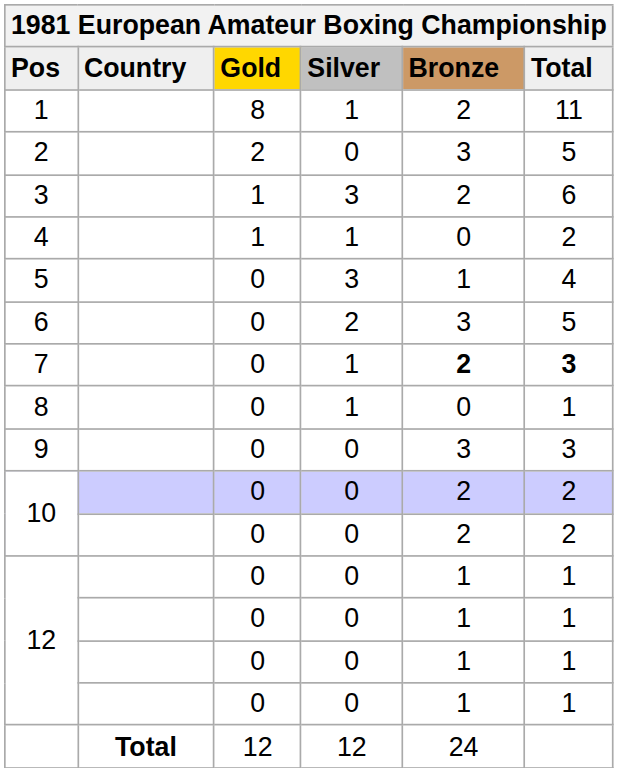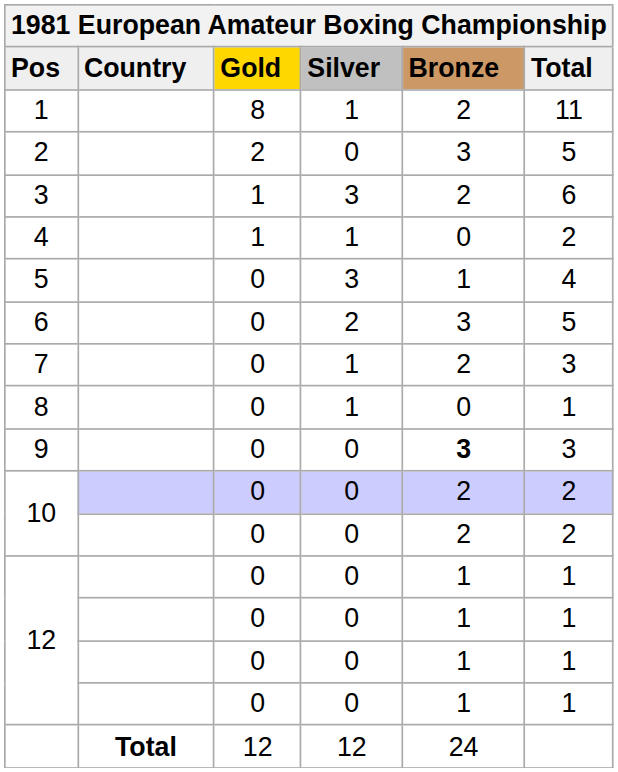 <table class="wikitable">
 <tr>
 <th colspan=7 style="border-right:0px;";>1981 European Amateur Boxing Championship</th>
 </tr>
 <tr bgcolor="#efefef">
 <td><strong>Pos</strong></td>
 <td><strong>Country</strong></td>
 <td bgcolor="gold"><strong>Gold</strong></td>
 <td bgcolor="silver"><strong>Silver</strong></td>
 <td bgcolor="CC9966"><strong>Bronze</strong></td>
 <td><strong>Total</strong></td>
 </tr>
 <tr bgcolor="#FFFFFF" align="center">
 <td>1</td>
 <td align="left"></td>
 <td>8</td>
 <td>1</td>
 <td>2</td>
 <td>11</td>
 </tr>
 <tr bgcolor="#FFFFFF" align="center">
 <td>2</td>
 <td align="left"></td>
 <td>2</td>
 <td>0</td>
 <td>3</td>
 <td>5</td>
 </tr>
 <tr bgcolor="#FFFFFF" align="center">
 <td>3</td>
 <td align="left"></td>
 <td>1</td>
 <td>3</td>
 <td>2</td>
 <td>6</td>
 </tr>
 <tr bgcolor="#FFFFFF" align="center">
 <td>4</td>
 <td align="left"></td>
 <td>1</td>
 <td>1</td>
 <td>0</td>
 <td>2</td>
 </tr>
 <tr bgcolor="#FFFFFF" align="center">
 <td>5</td>
 <td align="left"></td>
 <td>0</td>
 <td>3</td>
 <td>1</td>
 <td>4</td>
 </tr>
 <tr bgcolor="#FFFFFF" align="center">
 <td>6</td>
 <td align="left"></td>
 <td>0</td>
 <td>2</td>
 <td>3</td>
 <td>5</td>
 </tr>
 <tr bgcolor="#FFFFFF" align="center">
 <td>7</td>
 <td align="left"></td>
 <td>0</td>
 <td>1</td>
-<td><strong>2</strong></td>
-<td><strong>3</strong></td>
+<td>2</td>
+<td>3</td>
 </tr>
 <tr bgcolor="#FFFFFF" align="center">
 <td>8</td>
 <td align="left"></td>
 <td>0</td>
 <td>1</td>
 <td>0</td>
 <td>1</td>
 </tr>
 <tr bgcolor="#FFFFFF" align="center">
 <td>9</td>
 <td align="left"></td>
 <td>0</td>
 <td>0</td>
-<td>3</td>
+<td><strong>3</strong></td>
 <td>3</td>
 </tr>
 <tr bgcolor="#CCCCFF" align="center">
 <td bgcolor="#FFFFFF" rowspan=2>10</td>
 <td align="left"></td>
 <td>0</td>
 <td>0</td>
 <td>2</td>
 <td>2</td>
 </tr>
 <tr bgcolor="#FFFFFF" align="center">
 <td align="left"></td>
 <td>0</td>
 <td>0</td>
 <td>2</td>
 <td>2</td>
 </tr>
 <tr bgcolor="#FFFFFF" align="center">
 <td rowspan=4>12</td>
 <td align="left"></td>
 <td>0</td>
 <td>0</td>
 <td>1</td>
 <td>1</td>
 </tr>
 <tr bgcolor="#FFFFFF" align="center">
 <td align="left"></td>
 <td>0</td>
 <td>0</td>
 <td>1</td>
 <td>1</td>
 </tr>
 <tr bgcolor="#FFFFFF" align="center">
 <td align="left"></td>
 <td>0</td>
 <td>0</td>
 <td>1</td>
 <td>1</td>
 </tr>
 <tr bgcolor="#FFFFFF" align="center">
 <td align="left"></td>
 <td>0</td>
 <td>0</td>
 <td>1</td>
 <td>1</td>
 </tr>
 <tr bgcolor="#FFFFFF" align="center">
 <td></td>
 <td align="center"><strong>Total</strong></td>
 <td>12</td>
 <td>12</td>
 <td>24</td>
 <td></td>
 </tr>
 </table>
